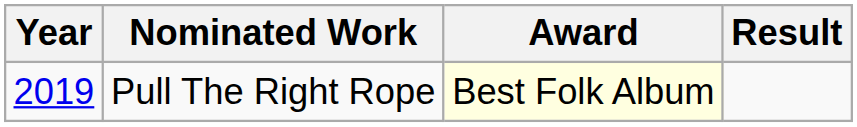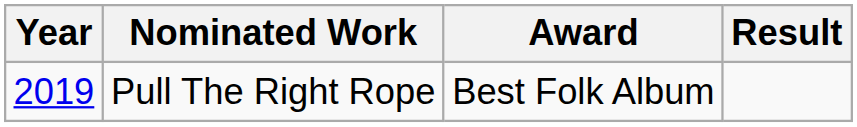 <table class="wikitable">
 <tr>
 <th>Year</th>
 <th>Nominated Work</th>
 <th>Award</th>
 <th>Result</th>
 </tr>
 <tr>
 <td rowspan="2"><a href='#'>2019</a></td>
 <td>Pull The Right Rope</td>
-<td style="background: lightyellow;">Best Folk Album</td>
+<td>Best Folk Album</td>
 <td></td>
 </tr>
 </table>
